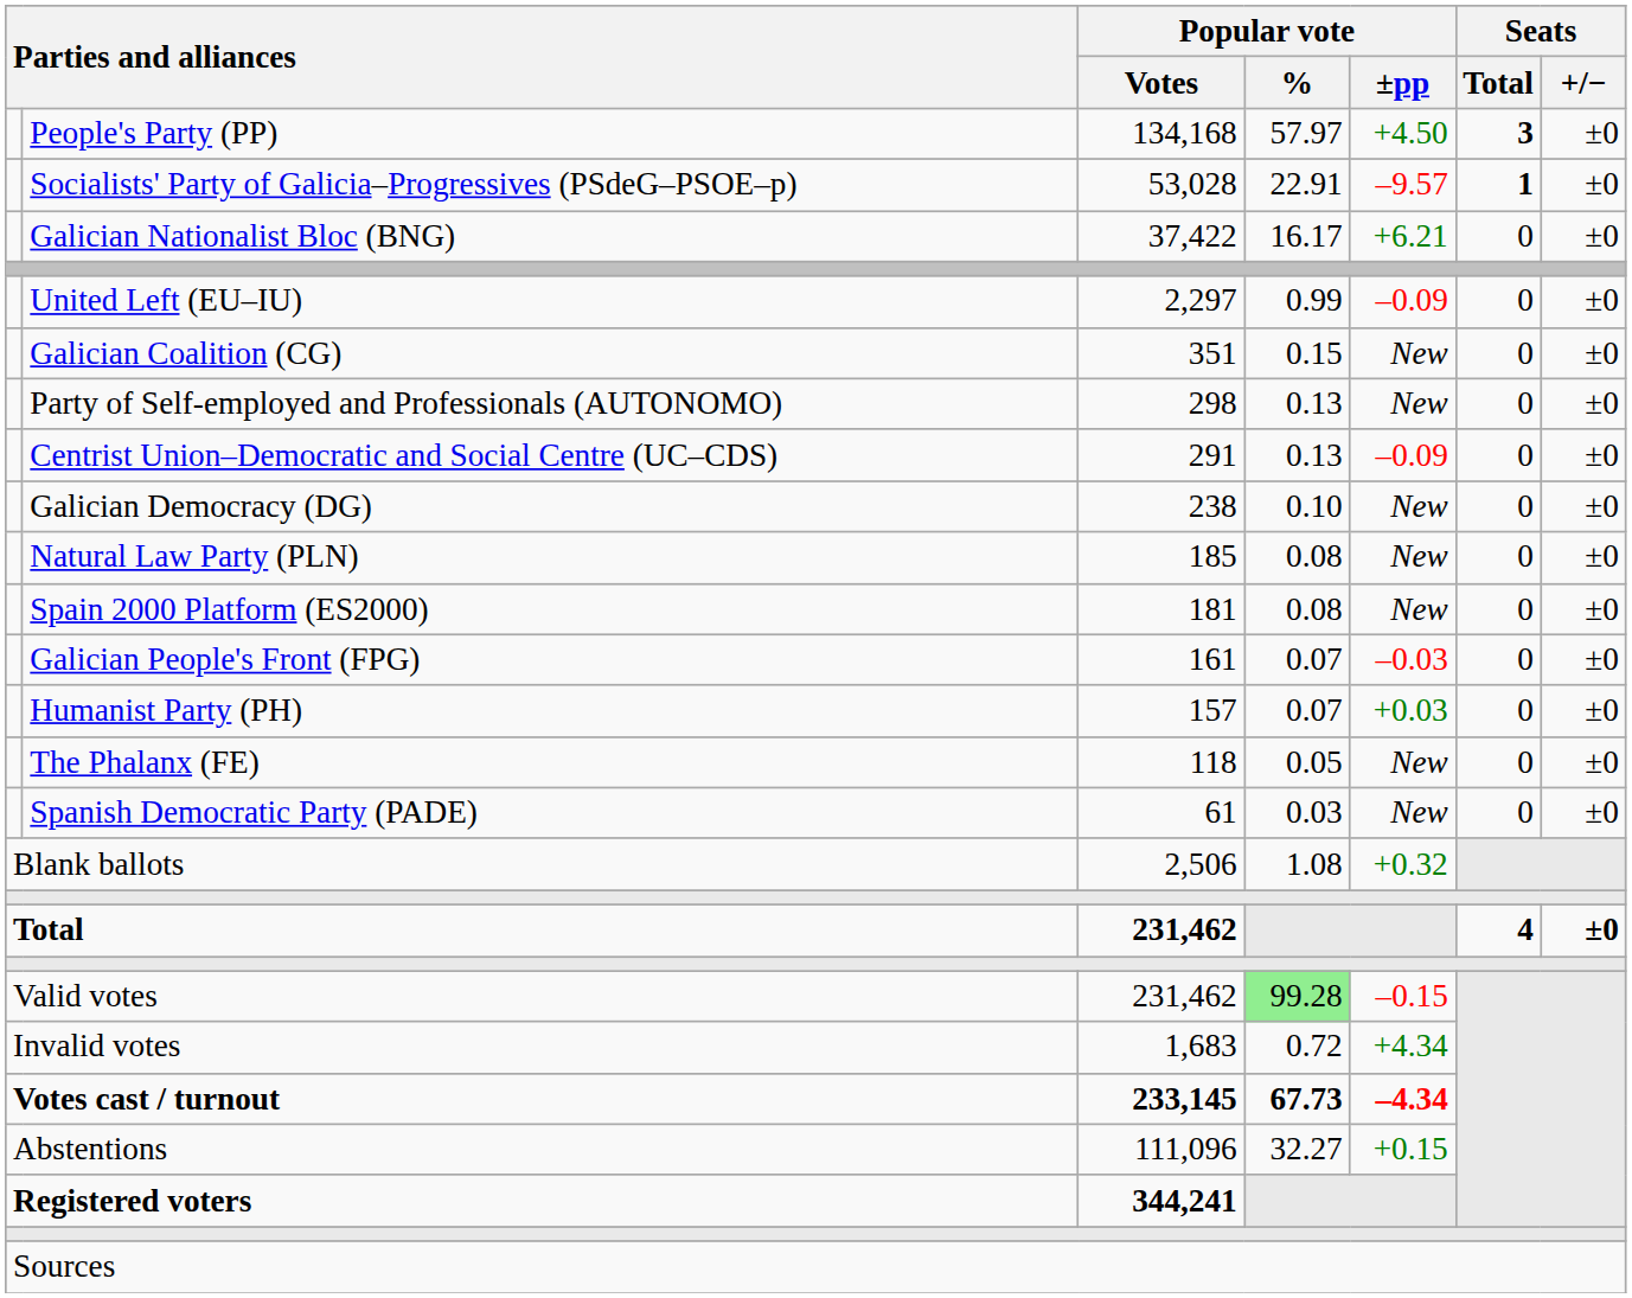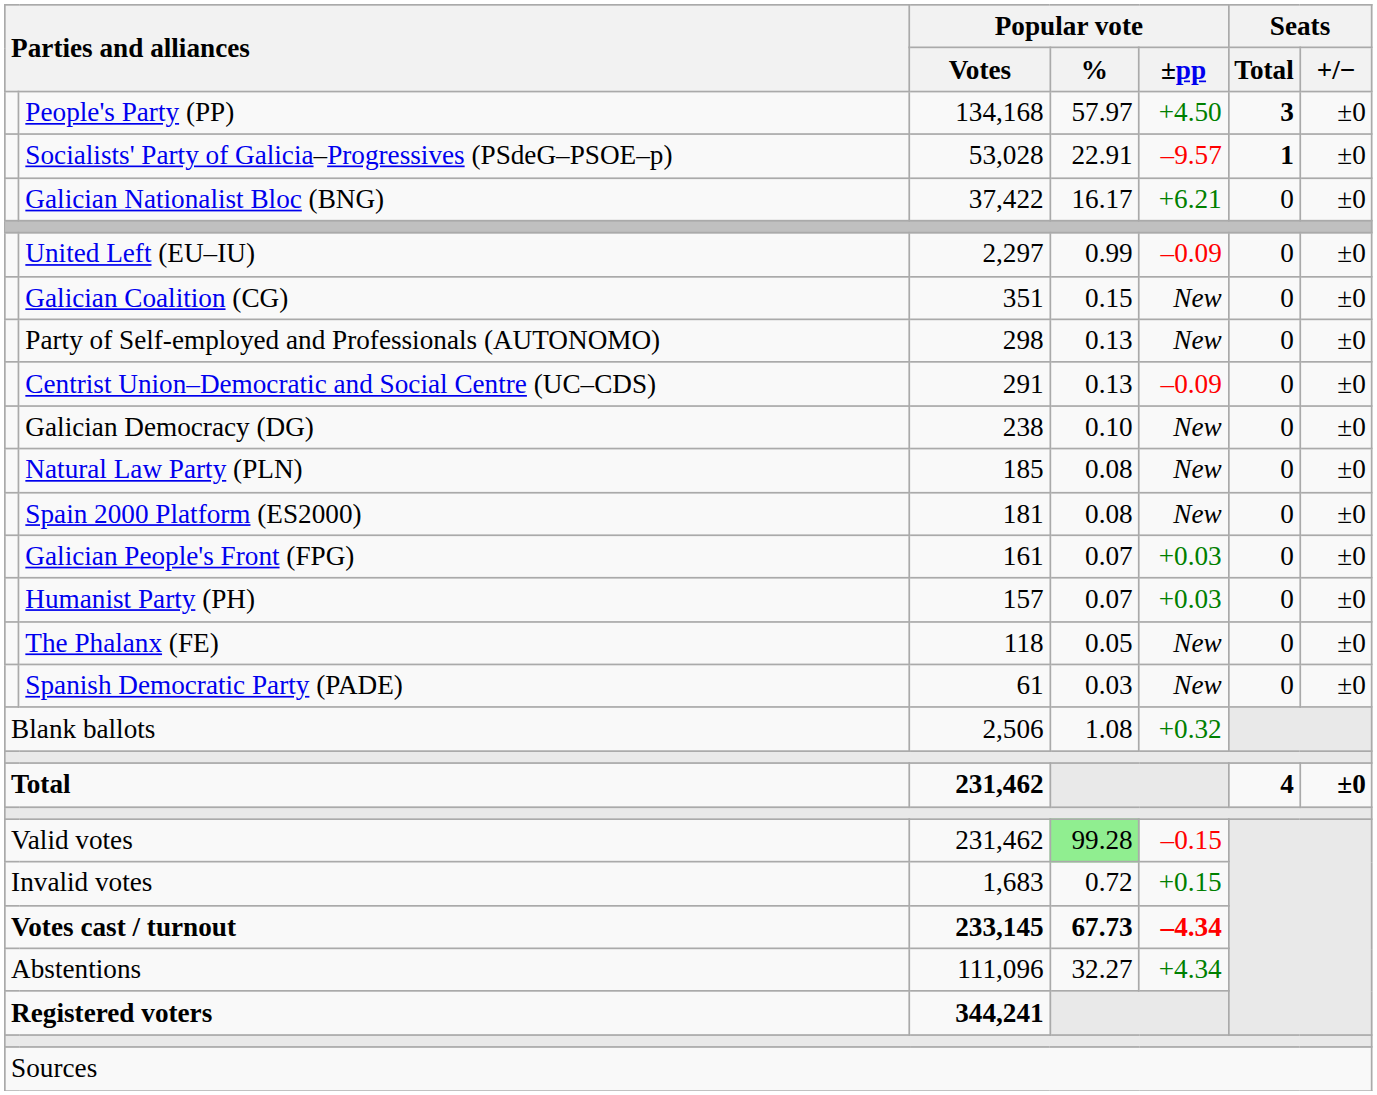 <table class="wikitable" style="text-align:right;">
 <tr>
 <th style="text-align:left;" rowspan="2" colspan="2" width="525">Parties and alliances</th>
 <th colspan="3">Popular vote</th>
 <th colspan="2">Seats</th>
 </tr>
 <tr>
 <th width="75">Votes</th>
 <th width="45">%</th>
 <th width="45">±<a href='#'>pp</a></th>
 <th width="35">Total</th>
 <th width="35">+/−</th>
 </tr>
 <tr>
 <td width="1" style="color:inherit;background:"></td>
 <td align="left"><a href='#'>People's Party</a> (PP)</td>
 <td>134,168</td>
 <td>57.97</td>
 <td style="color:green;">+4.50</td>
 <td><strong>3</strong></td>
 <td>±0</td>
 </tr>
 <tr>
 <td style="color:inherit;background:"></td>
 <td align="left"><a href='#'>Socialists' Party of Galicia</a>–<a href='#'>Progressives</a> (PSdeG–PSOE–p)</td>
 <td>53,028</td>
 <td>22.91</td>
 <td style="color:red;">–9.57</td>
 <td><strong>1</strong></td>
 <td>±0</td>
 </tr>
 <tr>
 <td style="color:inherit;background:"></td>
 <td align="left"><a href='#'>Galician Nationalist Bloc</a> (BNG)</td>
 <td>37,422</td>
 <td>16.17</td>
 <td style="color:green;">+6.21</td>
 <td>0</td>
 <td>±0</td>
 </tr>
 <tr>
 <td colspan="7" bgcolor="#C0C0C0"></td>
 </tr>
 <tr>
 <td style="color:inherit;background:"></td>
 <td align="left"><a href='#'>United Left</a> (EU–IU)</td>
 <td>2,297</td>
 <td>0.99</td>
 <td style="color:red;">–0.09</td>
 <td>0</td>
 <td>±0</td>
 </tr>
 <tr>
 <td style="color:inherit;background:"></td>
 <td align="left"><a href='#'>Galician Coalition</a> (CG)</td>
 <td>351</td>
 <td>0.15</td>
 <td><em>New</em></td>
 <td>0</td>
 <td>±0</td>
 </tr>
 <tr>
 <td style="color:inherit;background:"></td>
 <td align="left">Party of Self-employed and Professionals (AUTONOMO)</td>
 <td>298</td>
 <td>0.13</td>
 <td><em>New</em></td>
 <td>0</td>
 <td>±0</td>
 </tr>
 <tr>
 <td style="color:inherit;background:"></td>
 <td align="left"><a href='#'>Centrist Union–Democratic and Social Centre</a> (UC–CDS)</td>
 <td>291</td>
 <td>0.13</td>
 <td style="color:red;">–0.09</td>
 <td>0</td>
 <td>±0</td>
 </tr>
 <tr>
 <td style="color:inherit;background:"></td>
 <td align="left">Galician Democracy (DG)</td>
 <td>238</td>
 <td>0.10</td>
 <td><em>New</em></td>
 <td>0</td>
 <td>±0</td>
 </tr>
 <tr>
 <td style="color:inherit;background:"></td>
 <td align="left"><a href='#'>Natural Law Party</a> (PLN)</td>
 <td>185</td>
 <td>0.08</td>
 <td><em>New</em></td>
 <td>0</td>
 <td>±0</td>
 </tr>
 <tr>
 <td style="color:inherit;background:"></td>
 <td align="left"><a href='#'>Spain 2000 Platform</a> (ES2000)</td>
 <td>181</td>
 <td>0.08</td>
 <td><em>New</em></td>
 <td>0</td>
 <td>±0</td>
 </tr>
 <tr>
 <td style="color:inherit;background:"></td>
 <td align="left"><a href='#'>Galician People's Front</a> (FPG)</td>
 <td>161</td>
 <td>0.07</td>
-<td style="color:red;">–0.03</td>
+<td style="color:green;">+0.03</td>
 <td>0</td>
 <td>±0</td>
 </tr>
 <tr>
 <td style="color:inherit;background:"></td>
 <td align="left"><a href='#'>Humanist Party</a> (PH)</td>
 <td>157</td>
 <td>0.07</td>
 <td style="color:green;">+0.03</td>
 <td>0</td>
 <td>±0</td>
 </tr>
 <tr>
 <td style="color:inherit;background:"></td>
 <td align="left"><a href='#'>The Phalanx</a> (FE)</td>
 <td>118</td>
 <td>0.05</td>
 <td><em>New</em></td>
 <td>0</td>
 <td>±0</td>
 </tr>
 <tr>
 <td style="color:inherit;background:"></td>
 <td align="left"><a href='#'>Spanish Democratic Party</a> (PADE)</td>
 <td>61</td>
 <td>0.03</td>
 <td><em>New</em></td>
 <td>0</td>
 <td>±0</td>
 </tr>
 <tr>
 <td align="left" colspan="2">Blank ballots</td>
 <td>2,506</td>
 <td>1.08</td>
 <td style="color:green;">+0.32</td>
 <td bgcolor="#E9E9E9" colspan="2"></td>
 </tr>
 <tr>
 <td colspan="7" bgcolor="#E9E9E9"></td>
 </tr>
 <tr style="font-weight:bold;">
 <td align="left" colspan="2">Total</td>
 <td>231,462</td>
 <td bgcolor="#E9E9E9" colspan="2"></td>
 <td>4</td>
 <td>±0</td>
 </tr>
 <tr>
 <td colspan="7" bgcolor="#E9E9E9"></td>
 </tr>
 <tr>
 <td align="left" colspan="2">Valid votes</td>
 <td>231,462</td>
 <td style="background: lightgreen;">99.28</td>
 <td style="color:red;">–0.15</td>
 <td bgcolor="#E9E9E9" colspan="2" rowspan="5"></td>
 </tr>
 <tr>
 <td align="left" colspan="2">Invalid votes</td>
 <td>1,683</td>
 <td>0.72</td>
-<td style="color:green;">+4.34</td>
+<td style="color:green;">+0.15</td>
 </tr>
 <tr style="font-weight:bold;">
 <td align="left" colspan="2">Votes cast / turnout</td>
 <td>233,145</td>
 <td>67.73</td>
 <td style="color:red;">–4.34</td>
 </tr>
 <tr>
 <td align="left" colspan="2">Abstentions</td>
 <td>111,096</td>
 <td>32.27</td>
-<td style="color:green;">+0.15</td>
+<td style="color:green;">+4.34</td>
 </tr>
 <tr style="font-weight:bold;">
 <td align="left" colspan="2">Registered voters</td>
 <td>344,241</td>
 <td bgcolor="#E9E9E9" colspan="2"></td>
 </tr>
 <tr>
 <td colspan="7" bgcolor="#E9E9E9"></td>
 </tr>
 <tr>
 <td align="left" colspan="7">Sources</td>
 </tr>
 </table>
